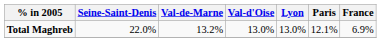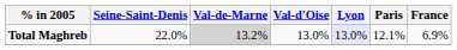 <table class="wikitable">
 <tr>
 <th>% in 2005</th>
 <th><a href='#'>Seine-Saint-Denis</a></th>
 <th><a href='#'>Val-de-Marne</a></th>
 <th><a href='#'>Val-d'Oise</a></th>
 <th><a href='#'>Lyon</a></th>
 <th>Paris</th>
 <th>France</th>
 </tr>
 <tr>
 <td><strong>Total Maghreb</strong></td>
 <td align="right">22.0%</td>
-<td align="right">13.2%</td>
+<td align="right" style="background: lightgrey;">13.2%</td>
 <td align="right">13.0%</td>
-<td align="right">13.0%</td>
+<td align="right" style="background: lavender;">13.0%</td>
 <td align="right">12.1%</td>
 <td align="right">6.9%</td>
 </tr>
 <tr>
 </tr>
 </table>
